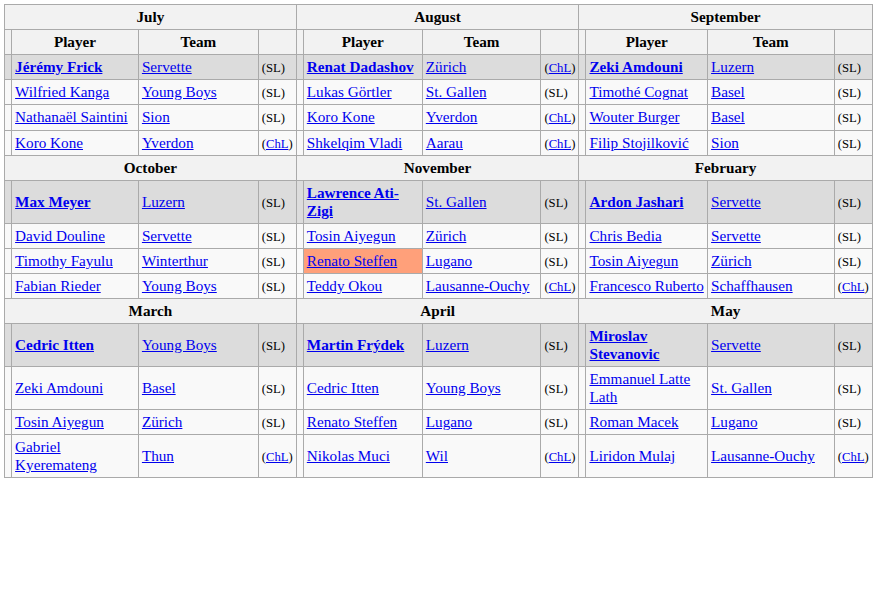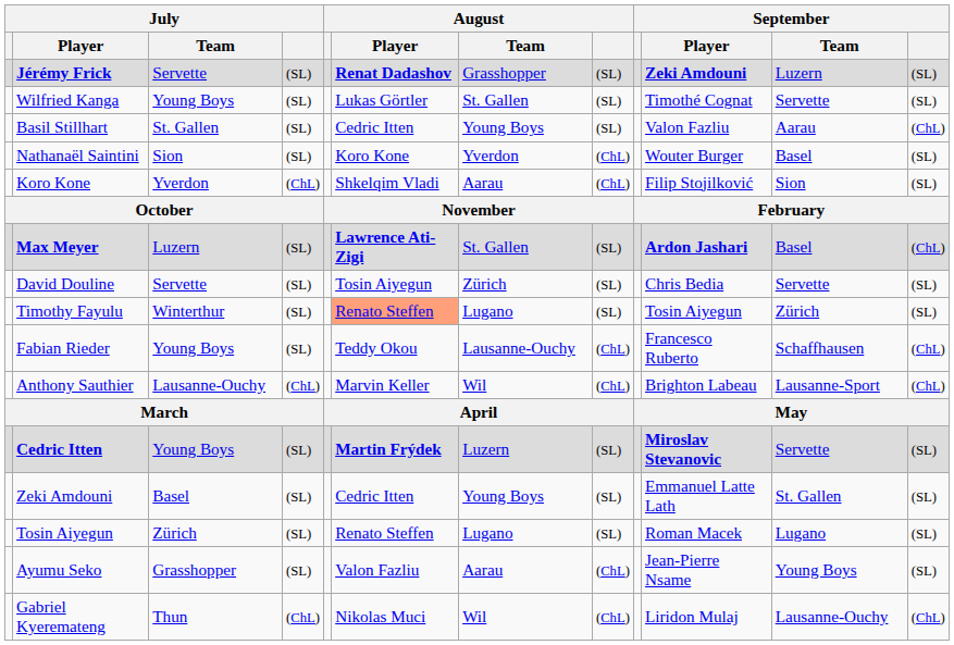 <table class="wikitable" style="text-align:left;font-size:95%">
 <tr>
 <th colspan=4>July</th>
 <th colspan=4>August</th>
 <th colspan=4>September</th>
 </tr>
 <tr>
 <th align=center></th>
 <th width=150>Player</th>
 <th width=150>Team</th>
 <th width=20></th>
 <th align=center></th>
 <th width=150>Player</th>
 <th width=150>Team</th>
 <th width=20></th>
 <th align=center></th>
 <th width=150>Player</th>
 <th width=150>Team</th>
 <th width=20></th>
 </tr>
 <tr style="background:#dcdcdc;">
 <td></td>
 <td><strong><a href='#'>Jérémy Frick</a></strong></td>
 <td><a href='#'>Servette</a></td>
 <td><small>(SL)</small></td>
 <td></td>
 <td><strong><a href='#'>Renat Dadashov</a></strong></td>
-<td><a href='#'>Zürich</a></td>
-<td><small>(<a href='#'>ChL</a>)</small></td>
+<td><a href='#'>Grasshopper</a></td>
+<td><small>(SL)</small></td>
 <td></td>
 <td><strong><a href='#'>Zeki Amdouni</a></strong></td>
 <td><a href='#'>Luzern</a></td>
 <td><small>(SL)</small></td>
 </tr>
 <tr>
 <td></td>
 <td><a href='#'>Wilfried Kanga</a></td>
 <td><a href='#'>Young Boys</a></td>
 <td><small>(SL)</small></td>
 <td></td>
 <td><a href='#'>Lukas Görtler</a></td>
 <td><a href='#'>St. Gallen</a></td>
 <td><small>(SL)</small></td>
 <td></td>
 <td><a href='#'>Timothé Cognat</a></td>
-<td><a href='#'>Basel</a></td>
+<td><a href='#'>Servette</a></td>
 <td><small>(SL)</small></td>
+</tr>
+<tr>
+<td></td>
+<td><a href='#'>Basil Stillhart</a></td>
+<td><a href='#'>St. Gallen</a></td>
+<td><small>(SL)</small></td>
+<td></td>
+<td><a href='#'>Cedric Itten</a></td>
+<td><a href='#'>Young Boys</a></td>
+<td><small>(SL)</small></td>
+<td></td>
+<td><a href='#'>Valon Fazliu</a></td>
+<td><a href='#'>Aarau</a></td>
+<td><small>(<a href='#'>ChL</a>)</small></td>
 </tr>
 <tr>
 <td></td>
 <td><a href='#'>Nathanaël Saintini</a></td>
 <td><a href='#'>Sion</a></td>
 <td><small>(SL)</small></td>
 <td></td>
 <td><a href='#'>Koro Kone</a></td>
 <td><a href='#'>Yverdon</a></td>
 <td><small>(<a href='#'>ChL</a>)</small></td>
 <td></td>
 <td><a href='#'>Wouter Burger</a></td>
 <td><a href='#'>Basel</a></td>
 <td><small>(SL)</small></td>
 </tr>
 <tr>
 <td></td>
 <td><a href='#'>Koro Kone</a></td>
 <td><a href='#'>Yverdon</a></td>
 <td><small>(<a href='#'>ChL</a>)</small></td>
 <td></td>
 <td><a href='#'>Shkelqim Vladi</a></td>
 <td><a href='#'>Aarau</a></td>
 <td><small>(<a href='#'>ChL</a>)</small></td>
 <td></td>
 <td><a href='#'>Filip Stojilković</a></td>
 <td><a href='#'>Sion</a></td>
 <td><small>(SL)</small></td>
 </tr>
 <tr>
 <th colspan=4>October</th>
 <th colspan=4>November</th>
 <th colspan=4>February</th>
 </tr>
 <tr style="background:#dcdcdc;">
 <td></td>
 <td><strong><a href='#'>Max Meyer</a></strong></td>
 <td><a href='#'>Luzern</a></td>
 <td><small>(SL)</small></td>
 <td></td>
 <td><strong><a href='#'>Lawrence Ati-Zigi</a></strong></td>
 <td><a href='#'>St. Gallen</a></td>
 <td><small>(SL)</small></td>
 <td></td>
 <td><strong><a href='#'>Ardon Jashari</a></strong></td>
-<td><a href='#'>Servette</a></td>
-<td><small>(SL)</small></td>
+<td><a href='#'>Basel</a></td>
+<td><small>(<a href='#'>ChL</a>)</small></td>
 </tr>
 <tr>
 <td></td>
 <td><a href='#'>David Douline</a></td>
 <td><a href='#'>Servette</a></td>
 <td><small>(SL)</small></td>
 <td></td>
 <td><a href='#'>Tosin Aiyegun</a></td>
 <td><a href='#'>Zürich</a></td>
 <td><small>(SL)</small></td>
 <td></td>
 <td><a href='#'>Chris Bedia</a></td>
 <td><a href='#'>Servette</a></td>
 <td><small>(SL)</small></td>
 </tr>
 <tr>
 <td></td>
 <td><a href='#'>Timothy Fayulu</a></td>
 <td><a href='#'>Winterthur</a></td>
 <td><small>(SL)</small></td>
 <td></td>
 <td style="background: lightsalmon;"><a href='#'>Renato Steffen</a></td>
 <td><a href='#'>Lugano</a></td>
 <td><small>(SL)</small></td>
 <td></td>
 <td><a href='#'>Tosin Aiyegun</a></td>
 <td><a href='#'>Zürich</a></td>
 <td><small>(SL)</small></td>
 </tr>
 <tr>
 <td></td>
 <td><a href='#'>Fabian Rieder</a></td>
 <td><a href='#'>Young Boys</a></td>
 <td><small>(SL)</small></td>
 <td></td>
 <td><a href='#'>Teddy Okou</a></td>
 <td><a href='#'>Lausanne-Ouchy</a></td>
 <td><small>(<a href='#'>ChL</a>)</small></td>
 <td></td>
 <td><a href='#'>Francesco Ruberto</a></td>
 <td><a href='#'>Schaffhausen</a></td>
+<td><small>(<a href='#'>ChL</a>)</small></td>
+</tr>
+<tr>
+<td></td>
+<td><a href='#'>Anthony Sauthier</a></td>
+<td><a href='#'>Lausanne-Ouchy</a></td>
+<td><small>(<a href='#'>ChL</a>)</small></td>
+<td></td>
+<td><a href='#'>Marvin Keller</a></td>
+<td><a href='#'>Wil</a></td>
+<td><small>(<a href='#'>ChL</a>)</small></td>
+<td></td>
+<td><a href='#'>Brighton Labeau</a></td>
+<td><a href='#'>Lausanne-Sport</a></td>
 <td><small>(<a href='#'>ChL</a>)</small></td>
 </tr>
 <tr>
 <th colspan=4>March</th>
 <th colspan=4>April</th>
 <th colspan=4>May</th>
 </tr>
 <tr style="background:#dcdcdc;">
 <td></td>
 <td><strong><a href='#'>Cedric Itten</a></strong></td>
 <td><a href='#'>Young Boys</a></td>
 <td><small>(SL)</small></td>
 <td></td>
 <td><strong><a href='#'>Martin Frýdek</a></strong></td>
 <td><a href='#'>Luzern</a></td>
 <td><small>(SL)</small></td>
 <td></td>
 <td><strong><a href='#'>Miroslav Stevanovic</a></strong></td>
 <td><a href='#'>Servette</a></td>
 <td><small>(SL)</small></td>
 </tr>
 <tr>
 <td></td>
 <td><a href='#'>Zeki Amdouni</a></td>
 <td><a href='#'>Basel</a></td>
 <td><small>(SL)</small></td>
 <td></td>
 <td><a href='#'>Cedric Itten</a></td>
 <td><a href='#'>Young Boys</a></td>
 <td><small>(SL)</small></td>
 <td></td>
 <td><a href='#'>Emmanuel Latte Lath</a></td>
 <td><a href='#'>St. Gallen</a></td>
 <td><small>(SL)</small></td>
 </tr>
 <tr>
 <td></td>
 <td><a href='#'>Tosin Aiyegun</a></td>
 <td><a href='#'>Zürich</a></td>
 <td><small>(SL)</small></td>
 <td></td>
 <td><a href='#'>Renato Steffen</a></td>
 <td><a href='#'>Lugano</a></td>
 <td><small>(SL)</small></td>
 <td></td>
 <td><a href='#'>Roman Macek</a></td>
 <td><a href='#'>Lugano</a></td>
 <td><small>(SL)</small></td>
 </tr>
 <tr>
 <td></td>
+<td><a href='#'>Ayumu Seko</a></td>
+<td><a href='#'>Grasshopper</a></td>
+<td><small>(SL)</small></td>
+<td></td>
+<td><a href='#'>Valon Fazliu</a></td>
+<td><a href='#'>Aarau</a></td>
+<td><small>(<a href='#'>ChL</a>)</small></td>
+<td></td>
+<td><a href='#'>Jean-Pierre Nsame</a></td>
+<td><a href='#'>Young Boys</a></td>
+<td><small>(SL)</small></td>
+</tr>
+<tr>
+<td></td>
 <td><a href='#'>Gabriel Kyeremateng</a></td>
 <td><a href='#'>Thun</a></td>
 <td><small>(<a href='#'>ChL</a>)</small></td>
 <td></td>
 <td><a href='#'>Nikolas Muci</a></td>
 <td><a href='#'>Wil</a></td>
 <td><small>(<a href='#'>ChL</a>)</small></td>
 <td></td>
 <td><a href='#'>Liridon Mulaj</a></td>
 <td><a href='#'>Lausanne-Ouchy</a></td>
 <td><small>(<a href='#'>ChL</a>)</small></td>
 </tr>
 <tr>
 </tr>
 </table>
